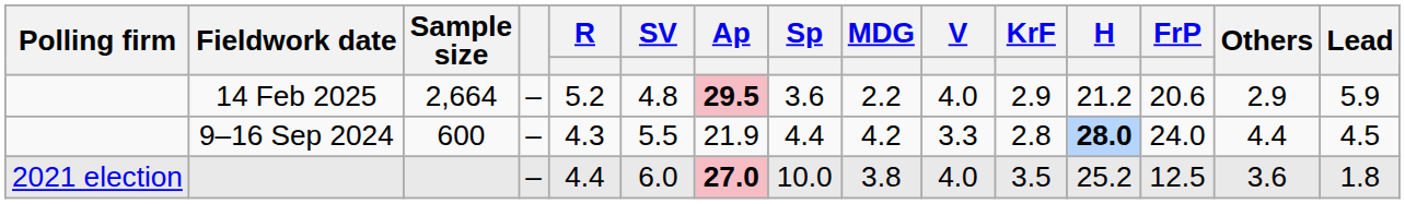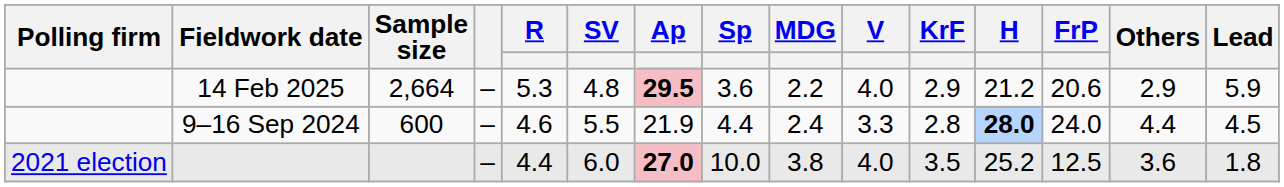 <table class="wikitable sortable mw-datatable" style="text-align:center;font-size:90%;line-height:14px;">
 <tr>
 <th rowspan="2">Polling firm</th>
 <th rowspan="2">Fieldwork date</th>
 <th rowspan="2">Sample<br>size</th>
 <th rowspan="2"></th>
 <th class="unsortable" style="width:30px;"><a href='#'>R</a></th>
 <th class="unsortable" style="width:30px;"><a href='#'>SV</a></th>
 <th class="unsortable" style="width:30px;"><a href='#'>Ap</a></th>
 <th class="unsortable" style="width:30px;"><a href='#'>Sp</a></th>
 <th class="unsortable" style="width:30px;"><a href='#'>MDG</a></th>
 <th class="unsortable" style="width:30px;"><a href='#'>V</a></th>
 <th class="unsortable" style="width:30px;"><a href='#'>KrF</a></th>
 <th class="unsortable" style="width:30px;"><a href='#'>H</a></th>
 <th class="unsortable" style="width:30px;"><a href='#'>FrP</a></th>
 <th rowspan="2" class="unsortable" style="width:30px;">Others</th>
 <th rowspan="2">Lead</th>
 </tr>
 <tr>
 <th style="background:"></th>
 <th style="background:"></th>
 <th style="background:"></th>
 <th style="background:"></th>
 <th style="background:"></th>
 <th style="background:"></th>
 <th style="background:"></th>
 <th style="background:"></th>
 <th style="background:"></th>
 </tr>
 <tr>
 <td></td>
 <td>14 Feb 2025</td>
 <td>2,664</td>
 <td>–</td>
-<td>5.2</td>
+<td>5.3</td>
 <td>4.8</td>
 <td style="background:#F7BDC5;"><strong>29.5</strong></td>
 <td>3.6</td>
 <td>2.2</td>
 <td>4.0</td>
 <td>2.9</td>
 <td>21.2</td>
 <td>20.6</td>
 <td>2.9</td>
 <td style="background:">5.9</td>
 </tr>
 <tr>
 <td></td>
 <td>9–16 Sep 2024</td>
 <td>600</td>
 <td>–</td>
-<td>4.3</td>
+<td>4.6</td>
 <td>5.5</td>
 <td>21.9</td>
 <td>4.4</td>
-<td>4.2</td>
+<td>2.4</td>
 <td>3.3</td>
 <td>2.8</td>
 <td style="background:#B5D5FF;"><strong>28.0</strong></td>
 <td>24.0</td>
 <td>4.4</td>
 <td style="background:">4.5</td>
 </tr>
 <tr style="background:#E9E9E9;">
 <td><a href='#'>2021 election</a></td>
 <td></td>
 <td></td>
 <td>–</td>
 <td>4.4</td>
 <td>6.0</td>
 <td style="background:#F7BDC5;"><strong>27.0</strong></td>
 <td>10.0</td>
 <td>3.8</td>
 <td>4.0</td>
 <td>3.5</td>
 <td>25.2</td>
 <td>12.5</td>
 <td>3.6</td>
 <td style="background:">1.8</td>
 </tr>
 </table>
